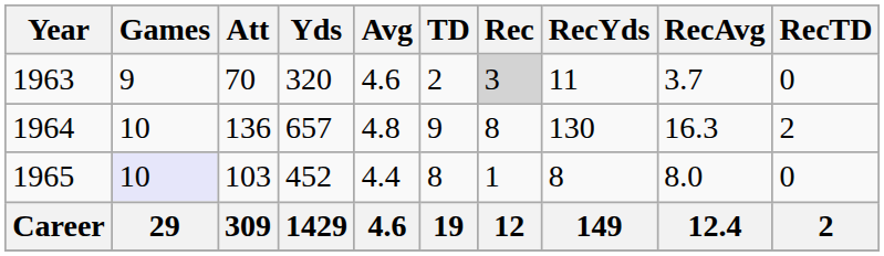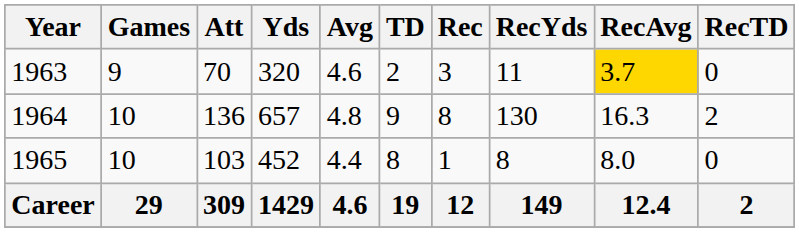 <table class="wikitable">
 <tr>
 <th>Year</th>
 <th>Games</th>
 <th>Att</th>
 <th>Yds</th>
 <th>Avg</th>
 <th>TD</th>
 <th>Rec</th>
 <th>RecYds</th>
 <th>RecAvg</th>
 <th>RecTD</th>
 </tr>
 <tr>
 <td>1963</td>
 <td>9</td>
 <td>70</td>
 <td>320</td>
 <td>4.6</td>
 <td>2</td>
-<td style="background: lightgrey;">3</td>
+<td>3</td>
 <td>11</td>
-<td>3.7</td>
+<td style="background: gold;">3.7</td>
 <td>0</td>
 </tr>
 <tr>
 <td>1964</td>
 <td>10</td>
 <td>136</td>
 <td>657</td>
 <td>4.8</td>
 <td>9</td>
 <td>8</td>
 <td>130</td>
 <td>16.3</td>
 <td>2</td>
 </tr>
 <tr>
 <td>1965</td>
-<td style="background: lavender;">10</td>
+<td>10</td>
 <td>103</td>
 <td>452</td>
 <td>4.4</td>
 <td>8</td>
 <td>1</td>
 <td>8</td>
 <td>8.0</td>
 <td>0</td>
 </tr>
 <tr>
 <th>Career</th>
 <th>29</th>
 <th>309</th>
 <th>1429</th>
 <th>4.6</th>
 <th>19</th>
 <th>12</th>
 <th>149</th>
 <th>12.4</th>
 <th>2</th>
 </tr>
 <tr>
 </tr>
 </table>
